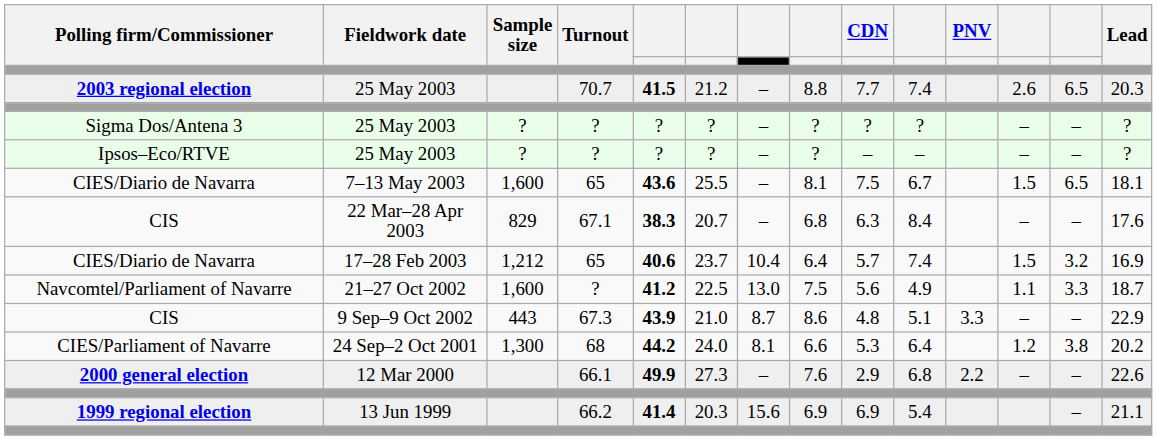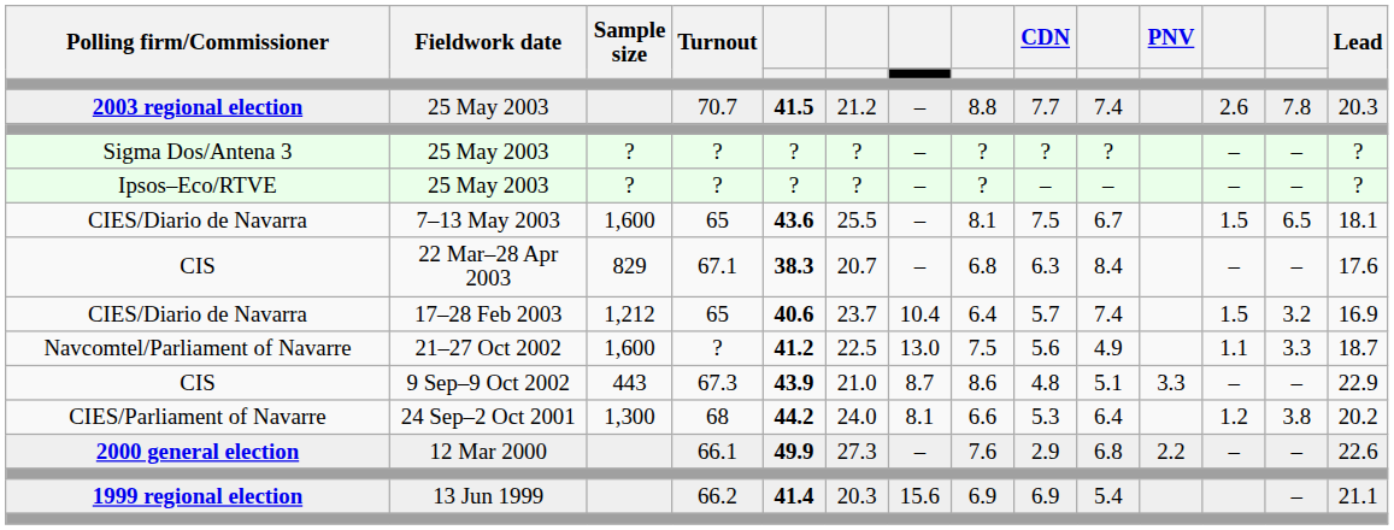 <table class="wikitable collapsible collapsed" style="text-align:center; font-size:95%; line-height:16px;">
 <tr style="height:42px;">
 <th style="width:250px;" rowspan="2">Polling firm/Commissioner</th>
 <th style="width:125px;" rowspan="2">Fieldwork date</th>
 <th style="width:50px;" rowspan="2">Sample size</th>
 <th style="width:45px;" rowspan="2">Turnout</th>
 <th style="width:35px;"></th>
 <th style="width:35px;"></th>
 <th style="width:35px;"><br></th>
 <th style="width:35px;"></th>
 <th style="width:35px;"><a href='#'>CDN</a></th>
 <th style="width:35px;"></th>
 <th style="width:35px;"><a href='#'>PNV</a></th>
 <th style="width:35px;"></th>
 <th style="width:35px;"></th>
 <th style="width:30px;" rowspan="2">Lead</th>
 </tr>
 <tr>
 <th style="color:inherit;background:"></th>
 <th style="color:inherit;background:"></th>
 <th style="color:inherit;background:black;"></th>
 <th style="color:inherit;background:"></th>
 <th style="color:inherit;background:"></th>
 <th style="color:inherit;background:"></th>
 <th style="color:inherit;background:"></th>
 <th style="color:inherit;background:"></th>
 <th style="color:inherit;background:"></th>
 </tr>
 <tr>
 <td colspan="14" style="background:#A0A0A0"></td>
 </tr>
 <tr style="background:#EFEFEF;">
 <td><strong><a href='#'>2003 regional election</a></strong></td>
 <td>25 May 2003</td>
 <td></td>
 <td>70.7</td>
 <td><strong>41.5</strong><br></td>
 <td>21.2<br></td>
 <td>–</td>
 <td>8.8<br></td>
 <td>7.7<br></td>
 <td>7.4<br></td>
 <td></td>
 <td>2.6<br></td>
-<td>6.5<br></td>
+<td>7.8<br></td>
 <td style="background:">20.3</td>
 </tr>
 <tr>
 <td colspan="14" style="background:#A0A0A0"></td>
 </tr>
 <tr style="background:#EAFFEA;">
 <td>Sigma Dos/Antena 3</td>
 <td>25 May 2003</td>
 <td>?</td>
 <td>?</td>
 <td>?<br></td>
 <td>?<br></td>
 <td>–</td>
 <td>?<br></td>
 <td>?<br></td>
 <td>?<br></td>
 <td></td>
 <td>–</td>
 <td>–</td>
 <td style="background:">?</td>
 </tr>
 <tr style="background:#EAFFEA;">
 <td>Ipsos–Eco/RTVE</td>
 <td>25 May 2003</td>
 <td>?</td>
 <td>?</td>
 <td>?<br></td>
 <td>?<br></td>
 <td>–</td>
 <td>?<br></td>
 <td>–</td>
 <td>–</td>
 <td></td>
 <td>–</td>
 <td>–</td>
 <td style="background:">?</td>
 </tr>
 <tr>
 <td>CIES/Diario de Navarra</td>
 <td>7–13 May 2003</td>
 <td>1,600</td>
 <td>65</td>
 <td><strong>43.6</strong><br></td>
 <td>25.5<br></td>
 <td>–</td>
 <td>8.1<br></td>
 <td>7.5<br></td>
 <td>6.7<br></td>
 <td></td>
 <td>1.5<br></td>
 <td>6.5<br></td>
 <td style="background:">18.1</td>
 </tr>
 <tr>
 <td>CIS</td>
 <td>22 Mar–28 Apr 2003</td>
 <td>829</td>
 <td>67.1</td>
 <td><strong>38.3</strong><br></td>
 <td>20.7<br></td>
 <td>–</td>
 <td>6.8<br></td>
 <td>6.3<br></td>
 <td>8.4<br></td>
 <td></td>
 <td>–</td>
 <td>–</td>
 <td style="background:">17.6</td>
 </tr>
 <tr>
 <td>CIES/Diario de Navarra</td>
 <td>17–28 Feb 2003</td>
 <td>1,212</td>
 <td>65</td>
 <td><strong>40.6</strong><br></td>
 <td>23.7<br></td>
 <td>10.4<br></td>
 <td>6.4<br></td>
 <td>5.7<br></td>
 <td>7.4<br></td>
 <td></td>
 <td>1.5<br></td>
 <td>3.2<br></td>
 <td style="background:">16.9</td>
 </tr>
 <tr>
 <td>Navcomtel/Parliament of Navarre</td>
 <td>21–27 Oct 2002</td>
 <td>1,600</td>
 <td>?</td>
 <td><strong>41.2</strong><br></td>
 <td>22.5<br></td>
 <td>13.0<br></td>
 <td>7.5<br></td>
 <td>5.6<br></td>
 <td>4.9<br></td>
 <td></td>
 <td>1.1<br></td>
 <td>3.3<br></td>
 <td style="background:">18.7</td>
 </tr>
 <tr>
 <td>CIS</td>
 <td>9 Sep–9 Oct 2002</td>
 <td>443</td>
 <td>67.3</td>
 <td><strong>43.9</strong><br></td>
 <td>21.0<br></td>
 <td>8.7<br></td>
 <td>8.6<br></td>
 <td>4.8<br></td>
 <td>5.1<br></td>
 <td>3.3<br></td>
 <td>–</td>
 <td>–</td>
 <td style="background:">22.9</td>
 </tr>
 <tr>
 <td>CIES/Parliament of Navarre</td>
 <td>24 Sep–2 Oct 2001</td>
 <td>1,300</td>
 <td>68</td>
 <td><strong>44.2</strong><br></td>
 <td>24.0<br></td>
 <td>8.1<br></td>
 <td>6.6<br></td>
 <td>5.3<br></td>
 <td>6.4<br></td>
 <td></td>
 <td>1.2<br></td>
 <td>3.8<br></td>
 <td style="background:">20.2</td>
 </tr>
 <tr style="background:#EFEFEF;">
 <td><strong><a href='#'>2000 general election</a></strong></td>
 <td>12 Mar 2000</td>
 <td></td>
 <td>66.1</td>
 <td><strong>49.9</strong><br></td>
 <td>27.3<br></td>
 <td>–</td>
 <td>7.6<br></td>
 <td>2.9<br></td>
 <td>6.8<br></td>
 <td>2.2<br></td>
 <td>–</td>
 <td>–</td>
 <td style="background:">22.6</td>
 </tr>
 <tr>
 <td colspan="14" style="background:#A0A0A0"></td>
 </tr>
 <tr style="background:#EFEFEF;">
 <td><strong><a href='#'>1999 regional election</a></strong></td>
 <td>13 Jun 1999</td>
 <td></td>
 <td>66.2</td>
 <td><strong>41.4</strong><br></td>
 <td>20.3<br></td>
 <td>15.6<br></td>
 <td>6.9<br></td>
 <td>6.9<br></td>
 <td>5.4<br></td>
 <td></td>
 <td></td>
 <td>–</td>
 <td style="background:">21.1</td>
 </tr>
 <tr>
 <td colspan="14" style="background:#A0A0A0"></td>
 </tr>
 </table>
